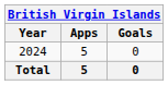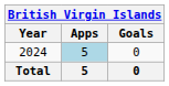 <table class="wikitable" style="text-align:center">
 <tr>
 <th colspan=3><a href='#'>British Virgin Islands</a></th>
 </tr>
 <tr>
 <th>Year</th>
 <th>Apps</th>
 <th>Goals</th>
 </tr>
 <tr>
 <td>2024</td>
-<td>5</td>
+<td style="background: lightblue;">5</td>
 <td>0</td>
 </tr>
 <tr>
 <th>Total</th>
 <th>5</th>
 <th>0</th>
 </tr>
 </table>
